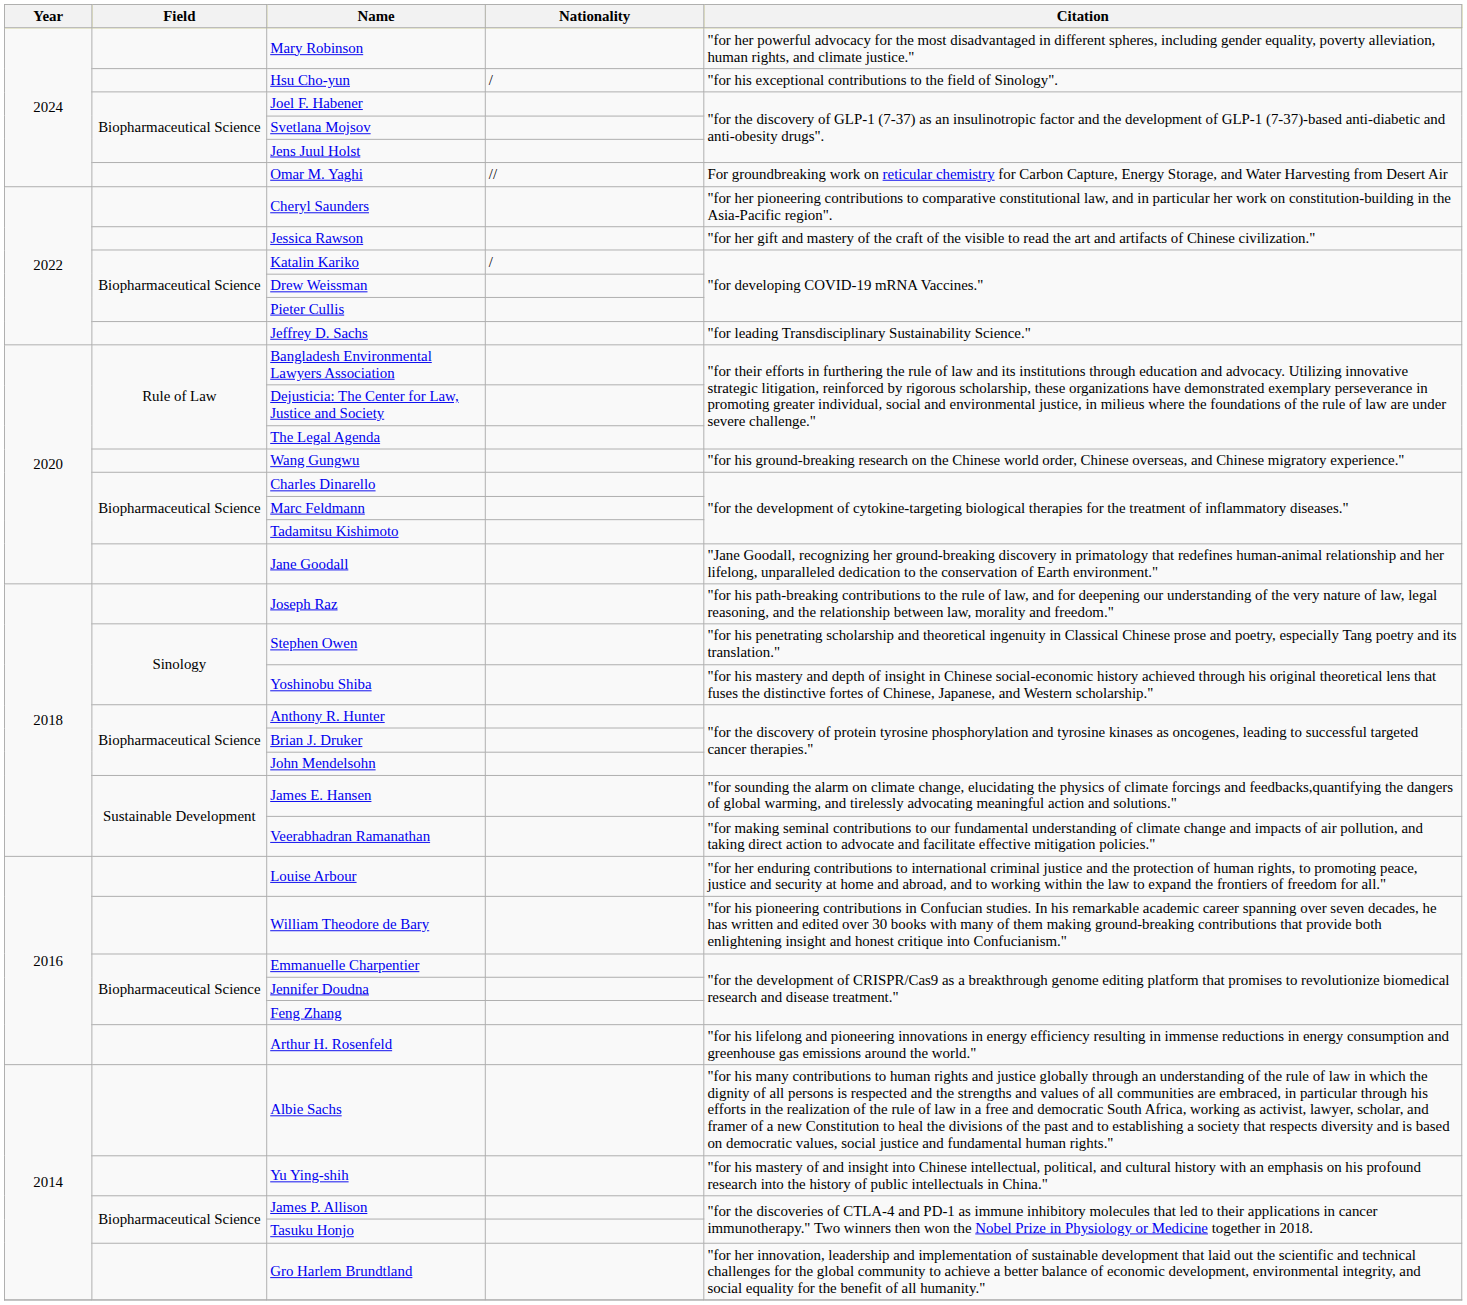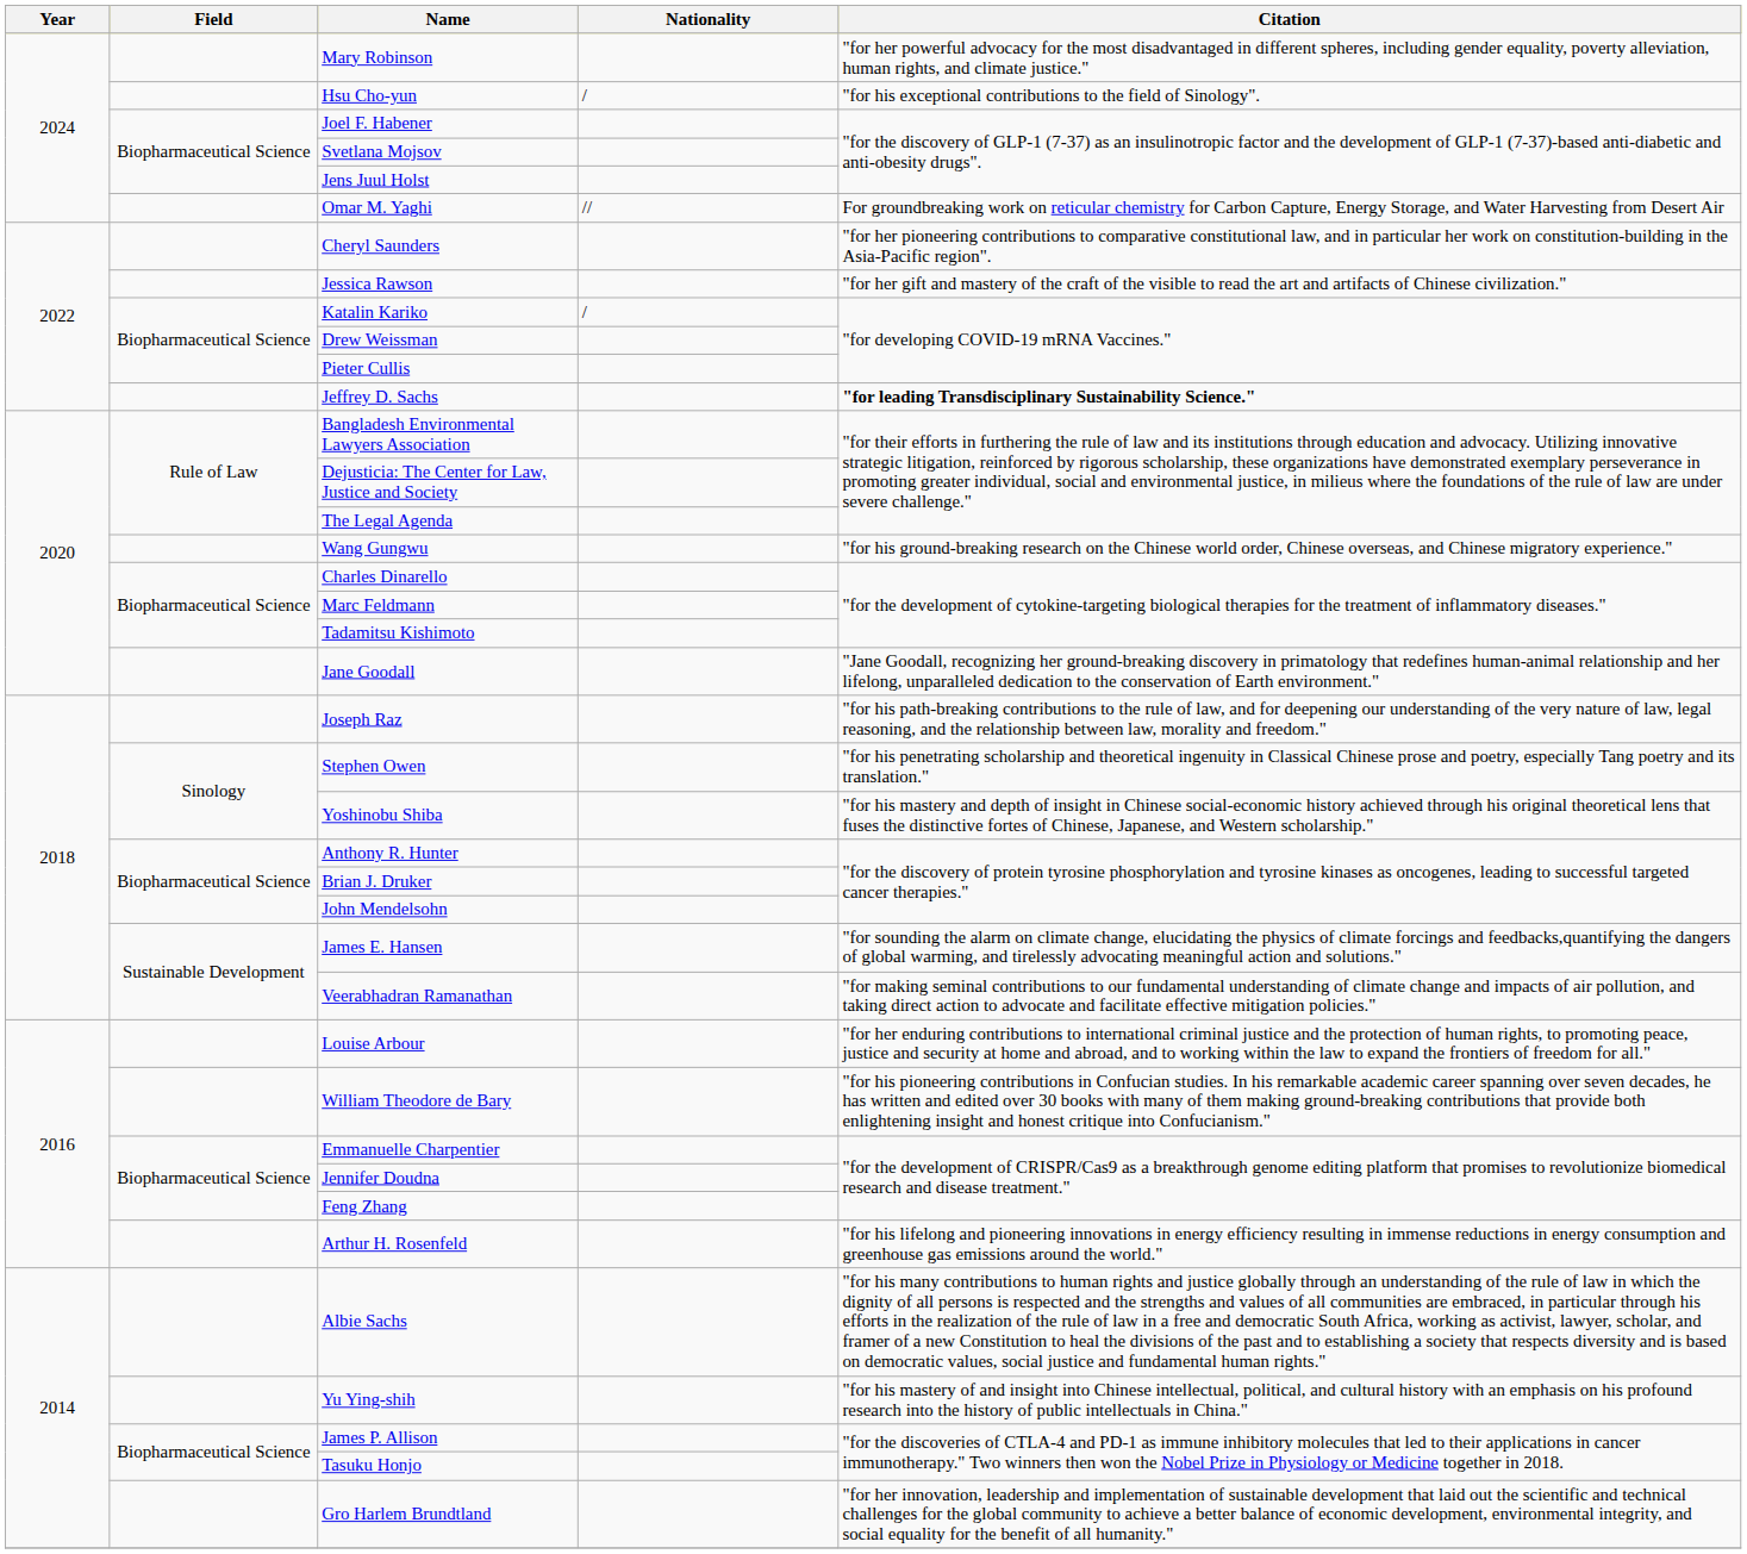 <table class="wikitable">
 <tr bgcolor="#cccc">
 <th style="width:6%">Year</th>
 <th style="width:12%">Field</th>
 <th style="width:15%">Name</th>
 <th style="width:15%">Nationality</th>
 <th>Citation</th>
 </tr>
 <tr>
 <td rowspan=6 style="text-align:center;">2024</td>
 <td rowspan></td>
 <td><a href='#'>Mary Robinson</a></td>
 <td></td>
 <td>"for her powerful advocacy for the most disadvantaged in different spheres, including gender equality, poverty alleviation, human rights, and climate justice."</td>
 </tr>
 <tr>
 <td rowspan></td>
 <td><a href='#'>Hsu Cho-yun</a></td>
 <td> / </td>
 <td>"for his exceptional contributions to the field of Sinology".</td>
 </tr>
 <tr>
 <td rowspan=3 style="text-align:center;">Biopharmaceutical Science</td>
 <td><a href='#'>Joel F. Habener</a></td>
 <td></td>
 <td rowspan=3>"for the discovery of GLP-1 (7-37) as an insulinotropic factor and the development of GLP-1 (7-37)-based anti-diabetic and anti-obesity drugs".</td>
 </tr>
 <tr>
 <td><a href='#'>Svetlana Mojsov</a></td>
 <td></td>
 </tr>
 <tr>
 <td><a href='#'>Jens Juul Holst</a></td>
 <td></td>
 </tr>
 <tr>
 <td rowspan></td>
 <td><a href='#'>Omar M. Yaghi</a></td>
 <td>//</td>
 <td>For groundbreaking work on <a href='#'>reticular chemistry</a> for Carbon Capture, Energy Storage, and Water Harvesting from Desert Air</td>
 </tr>
 <tr>
 <td rowspan=6 style="text-align:center;">2022</td>
 <td rowspan></td>
 <td><a href='#'>Cheryl Saunders</a></td>
 <td></td>
 <td>"for her pioneering contributions to comparative constitutional law, and in particular her work on constitution-building in the Asia-Pacific region".</td>
 </tr>
 <tr>
 <td rowspan></td>
 <td><a href='#'>Jessica Rawson</a></td>
 <td></td>
 <td>"for her gift and mastery of the craft of the visible to read the art and artifacts of Chinese civilization."</td>
 </tr>
 <tr>
 <td rowspan=3 style="text-align:center;">Biopharmaceutical Science</td>
 <td><a href='#'>Katalin Kariko</a></td>
 <td> / </td>
 <td rowspan=3>"for developing COVID-19 mRNA Vaccines."</td>
 </tr>
 <tr>
 <td><a href='#'>Drew Weissman</a></td>
 <td></td>
 </tr>
 <tr>
 <td><a href='#'>Pieter Cullis</a></td>
 <td></td>
 </tr>
 <tr>
 <td rowspan></td>
 <td><a href='#'>Jeffrey D. Sachs</a></td>
 <td></td>
-<td>"for leading Transdisciplinary Sustainability Science."</td>
+<td><strong>"for leading Transdisciplinary Sustainability Science."</strong></td>
 </tr>
 <tr>
 <td rowspan=8 style="text-align:center;">2020</td>
 <td rowspan=3 style="text-align:center;">Rule of Law</td>
 <td><a href='#'>Bangladesh Environmental Lawyers Association</a></td>
 <td></td>
 <td rowspan=3>"for their efforts in furthering the rule of law and its institutions through education and advocacy. Utilizing innovative strategic litigation, reinforced by rigorous scholarship, these organizations have demonstrated exemplary perseverance in promoting greater individual, social and environmental justice, in milieus where the foundations of the rule of law are under severe challenge."</td>
 </tr>
 <tr>
 <td><a href='#'>Dejusticia: The Center for Law, Justice and Society</a></td>
 <td></td>
 </tr>
 <tr>
 <td><a href='#'>The Legal Agenda</a></td>
 <td></td>
 </tr>
 <tr>
 <td rowspan></td>
 <td><a href='#'>Wang Gungwu</a></td>
 <td></td>
 <td>"for his ground-breaking research on the Chinese world order, Chinese overseas, and Chinese migratory experience."</td>
 </tr>
 <tr>
 <td rowspan=3 style="text-align:center;">Biopharmaceutical Science</td>
 <td><a href='#'>Charles Dinarello</a></td>
 <td></td>
 <td rowspan=3>"for the development of cytokine-targeting biological therapies for the treatment of inflammatory diseases."</td>
 </tr>
 <tr>
 <td><a href='#'>Marc Feldmann</a></td>
 <td><br></td>
 </tr>
 <tr>
 <td><a href='#'>Tadamitsu Kishimoto</a></td>
 <td></td>
 </tr>
 <tr>
 <td rowspan></td>
 <td><a href='#'>Jane Goodall</a></td>
 <td></td>
 <td>"Jane Goodall, recognizing her ground-breaking discovery in primatology that redefines human-animal relationship and her lifelong, unparalleled dedication to the conservation of Earth environment."</td>
 </tr>
 <tr>
 <td rowspan=8 style="text-align:center;">2018</td>
 <td></td>
 <td><a href='#'>Joseph Raz</a></td>
 <td><br></td>
 <td>"for his path-breaking contributions to the rule of law, and for deepening our understanding of the very nature of law, legal reasoning, and the relationship between law, morality and freedom."</td>
 </tr>
 <tr>
 <td rowspan=2 style="text-align:center;">Sinology</td>
 <td><a href='#'>Stephen Owen</a></td>
 <td></td>
 <td>"for his penetrating scholarship and theoretical ingenuity in Classical Chinese prose and poetry, especially Tang poetry and its translation."</td>
 </tr>
 <tr>
 <td><a href='#'>Yoshinobu Shiba</a></td>
 <td></td>
 <td>"for his mastery and depth of insight in Chinese social-economic history achieved through his original theoretical lens that fuses the distinctive fortes of Chinese, Japanese, and Western scholarship."</td>
 </tr>
 <tr>
 <td rowspan=3 style="text-align:center;">Biopharmaceutical Science</td>
 <td><a href='#'>Anthony R. Hunter</a></td>
 <td></td>
 <td rowspan=3>"for the discovery of protein tyrosine phosphorylation and tyrosine kinases as oncogenes, leading to successful targeted cancer therapies."</td>
 </tr>
 <tr>
 <td><a href='#'>Brian J. Druker</a></td>
 <td></td>
 </tr>
 <tr>
 <td><a href='#'>John Mendelsohn</a></td>
 <td></td>
 </tr>
 <tr>
 <td rowspan=2 style="text-align:center;">Sustainable Development</td>
 <td><a href='#'>James E. Hansen</a></td>
 <td></td>
 <td>"for sounding the alarm on climate change, elucidating the physics of climate forcings and feedbacks,quantifying the dangers of global warming, and tirelessly advocating meaningful action and solutions."</td>
 </tr>
 <tr>
 <td><a href='#'>Veerabhadran Ramanathan</a></td>
 <td></td>
 <td>"for making seminal contributions to our fundamental understanding of climate change and impacts of air pollution, and taking direct action to advocate and facilitate effective mitigation policies."</td>
 </tr>
 <tr>
 <td rowspan=6 style="text-align:center;">2016</td>
 <td rowspan></td>
 <td><a href='#'>Louise Arbour</a></td>
 <td></td>
 <td>"for her enduring contributions to international criminal justice and the protection of human rights, to promoting peace, justice and security at home and abroad, and to working within the law to expand the frontiers of freedom for all."</td>
 </tr>
 <tr>
 <td rowspan></td>
 <td><a href='#'>William Theodore de Bary</a></td>
 <td></td>
 <td>"for his pioneering contributions in Confucian studies. In his remarkable academic career spanning over seven decades, he has written and edited over 30 books with many of them making ground-breaking contributions that provide both enlightening insight and honest critique into Confucianism."</td>
 </tr>
 <tr>
 <td rowspan=3 style="text-align:center;">Biopharmaceutical Science</td>
 <td><a href='#'>Emmanuelle Charpentier</a></td>
 <td></td>
 <td rowspan=3>"for the development of CRISPR/Cas9 as a breakthrough genome editing platform that promises to revolutionize biomedical research and disease treatment."</td>
 </tr>
 <tr>
 <td><a href='#'>Jennifer Doudna</a></td>
 <td></td>
 </tr>
 <tr>
 <td><a href='#'>Feng Zhang</a></td>
 <td></td>
 </tr>
 <tr>
 <td rowspan></td>
 <td><a href='#'>Arthur H. Rosenfeld</a></td>
 <td></td>
 <td>"for his lifelong and pioneering innovations in energy efficiency resulting in immense reductions in energy consumption and greenhouse gas emissions around the world."</td>
 </tr>
 <tr>
 <td rowspan=5 style="text-align:center;">2014</td>
 <td></td>
 <td><a href='#'>Albie Sachs</a></td>
 <td></td>
 <td>"for his many contributions to human rights and justice globally through an understanding of the rule of law in which the dignity of all persons is respected and the strengths and values of all communities are embraced, in particular through his efforts in the realization of the rule of law in a free and democratic South Africa, working as activist, lawyer, scholar, and framer of a new Constitution to heal the divisions of the past and to establishing a society that respects diversity and is based on democratic values, social justice and fundamental human rights."</td>
 </tr>
 <tr>
 <td></td>
 <td><a href='#'>Yu Ying-shih</a></td>
 <td></td>
 <td>"for his mastery of and insight into Chinese intellectual, political, and cultural history with an emphasis on his profound research into the history of public intellectuals in China."</td>
 </tr>
 <tr>
 <td rowspan=2 style="text-align:center;">Biopharmaceutical Science</td>
 <td><a href='#'>James P. Allison</a></td>
 <td></td>
 <td rowspan=2>"for the discoveries of CTLA-4 and PD-1 as immune inhibitory molecules that led to their applications in cancer immunotherapy." Two winners then won the <a href='#'>Nobel Prize in Physiology or Medicine</a> together in 2018.</td>
 </tr>
 <tr>
 <td><a href='#'>Tasuku Honjo</a></td>
 <td></td>
 </tr>
 <tr>
 <td rowspan></td>
 <td><a href='#'>Gro Harlem Brundtland</a></td>
 <td></td>
 <td>"for her innovation, leadership and implementation of sustainable development that laid out the scientific and technical challenges for the global community to achieve a better balance of economic development, environmental integrity, and social equality for the benefit of all humanity."</td>
 </tr>
 <tr>
 </tr>
 </table>
